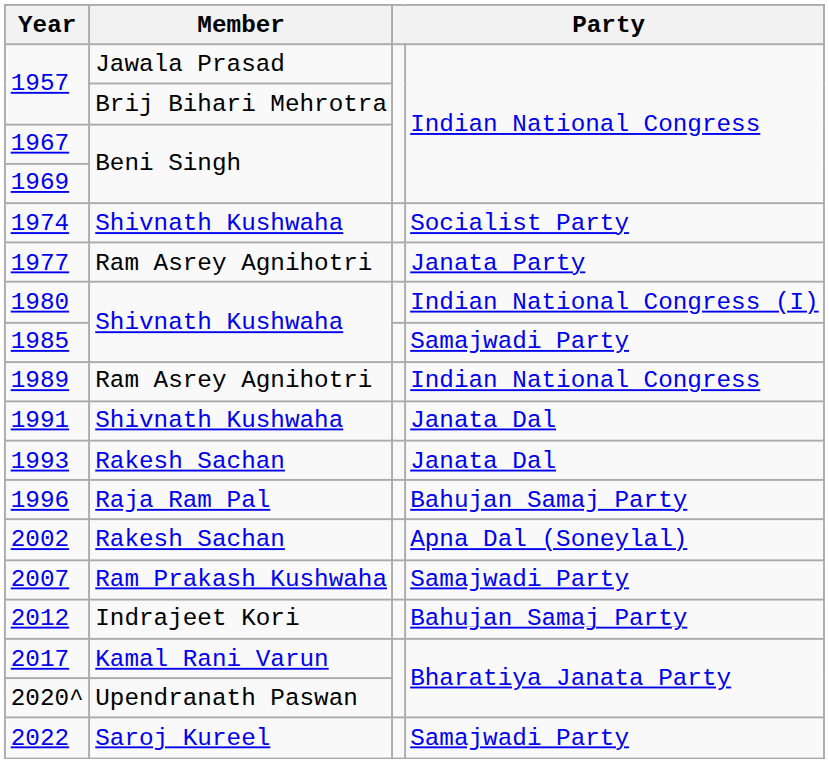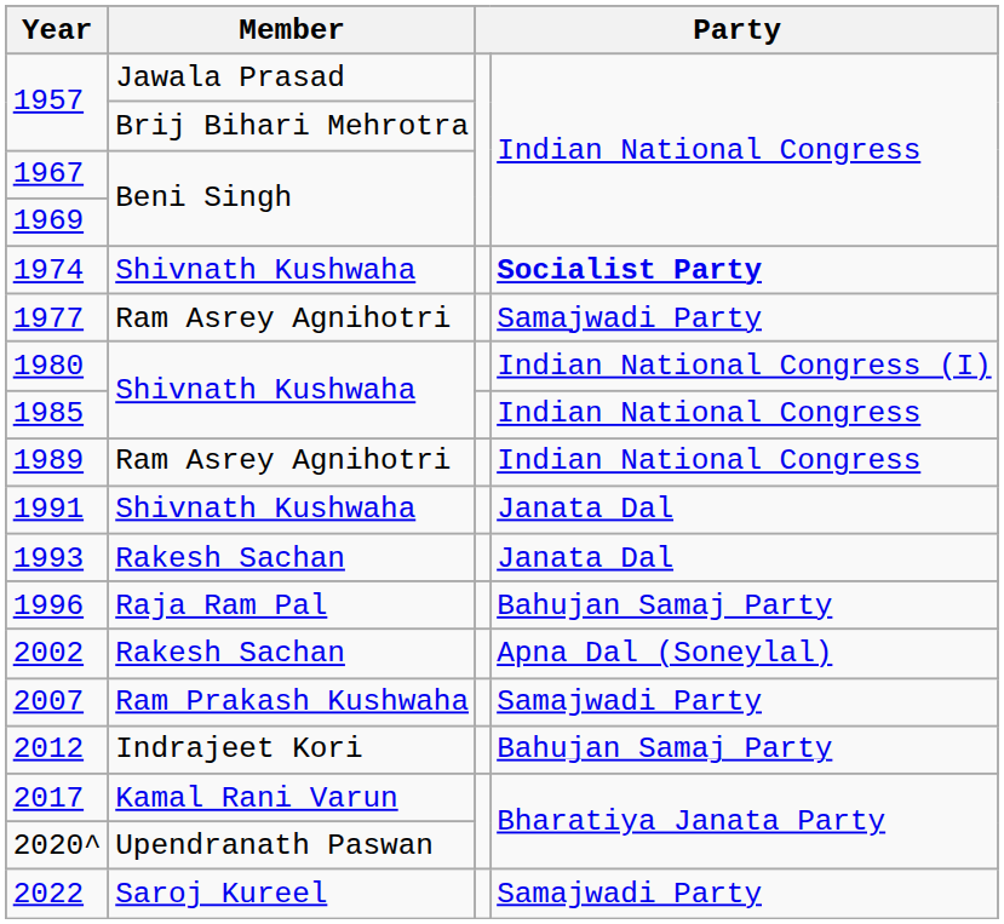 <table class="wikitable">
 <tr>
 <th>Year</th>
 <th>Member</th>
 <th colspan="2">Party</th>
 </tr>
 <tr>
 <td rowspan="2"><a href='#'>1957</a></td>
 <td>Jawala Prasad</td>
 <td rowspan="4" style="background-color: "></td>
 <td rowspan="4"><a href='#'>Indian National Congress</a></td>
 </tr>
 <tr>
 <td>Brij Bihari Mehrotra</td>
 </tr>
 <tr>
 <td><a href='#'>1967</a></td>
 <td rowspan="2">Beni Singh</td>
 </tr>
 <tr>
 <td><a href='#'>1969</a></td>
 </tr>
 <tr>
 <td><a href='#'>1974</a></td>
 <td><a href='#'>Shivnath Kushwaha</a></td>
 <td style="background-color: "></td>
-<td><a href='#'>Socialist Party</a></td>
+<td><strong><a href='#'>Socialist Party</a></strong></td>
 </tr>
 <tr>
 <td><a href='#'>1977</a></td>
 <td>Ram Asrey Agnihotri</td>
 <td style="background-color: "></td>
-<td><a href='#'>Janata Party</a></td>
+<td><a href='#'>Samajwadi Party</a></td>
 </tr>
 <tr>
 <td><a href='#'>1980</a></td>
 <td rowspan="2"><a href='#'>Shivnath Kushwaha</a></td>
 <td style="background-color: "></td>
 <td><a href='#'>Indian National Congress (I)</a></td>
 </tr>
 <tr>
 <td><a href='#'>1985</a></td>
 <td style="background-color: "></td>
-<td><a href='#'>Samajwadi Party</a></td>
+<td><a href='#'>Indian National Congress</a></td>
 </tr>
 <tr>
 <td><a href='#'>1989</a></td>
 <td>Ram Asrey Agnihotri</td>
 <td style="background-color: "></td>
 <td><a href='#'>Indian National Congress</a></td>
 </tr>
 <tr>
 <td><a href='#'>1991</a></td>
 <td><a href='#'>Shivnath Kushwaha</a></td>
 <td style="background-color: "></td>
 <td><a href='#'>Janata Dal</a></td>
 </tr>
 <tr>
 <td><a href='#'>1993</a></td>
 <td><a href='#'>Rakesh Sachan</a></td>
 <td style="background-color: "></td>
 <td><a href='#'>Janata Dal</a></td>
 </tr>
 <tr>
 <td><a href='#'>1996</a></td>
 <td><a href='#'>Raja Ram Pal</a></td>
 <td style="background-color: "></td>
 <td><a href='#'>Bahujan Samaj Party</a></td>
 </tr>
 <tr>
 <td><a href='#'>2002</a></td>
 <td><a href='#'>Rakesh Sachan</a></td>
 <td style="background-color: "></td>
 <td><a href='#'>Apna Dal (Soneylal)</a></td>
 </tr>
 <tr>
 <td><a href='#'>2007</a></td>
 <td><a href='#'>Ram Prakash Kushwaha</a></td>
 <td style="background-color: "></td>
 <td><a href='#'>Samajwadi Party</a></td>
 </tr>
 <tr>
 <td><a href='#'>2012</a></td>
 <td>Indrajeet Kori</td>
 <td style="background-color: "></td>
 <td><a href='#'>Bahujan Samaj Party</a></td>
 </tr>
 <tr>
 <td><a href='#'>2017</a></td>
 <td><a href='#'>Kamal Rani Varun</a></td>
 <td rowspan="2" style="background-color: "></td>
 <td rowspan="2"><a href='#'>Bharatiya Janata Party</a></td>
 </tr>
 <tr>
 <td>2020^</td>
 <td>Upendranath Paswan</td>
 </tr>
 <tr>
 <td><a href='#'>2022</a></td>
 <td><a href='#'>Saroj Kureel</a></td>
 <td style="background-color: "></td>
 <td><a href='#'>Samajwadi Party</a></td>
 </tr>
 </table>
